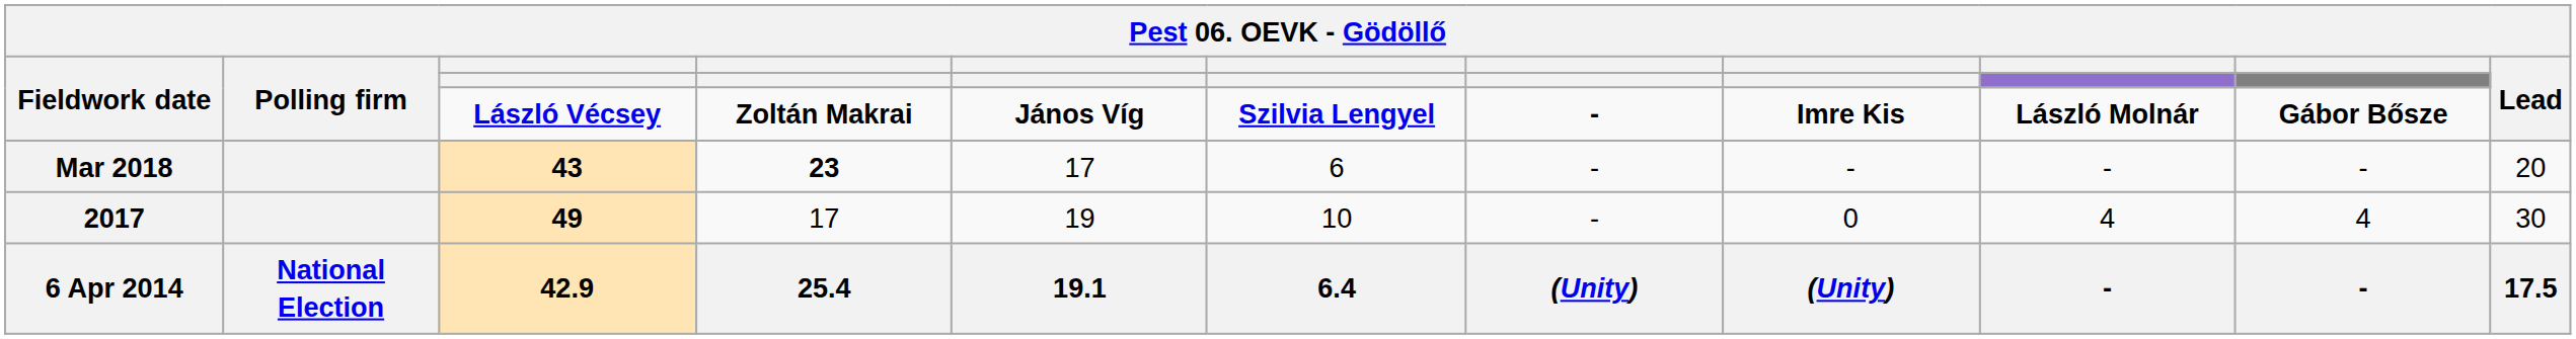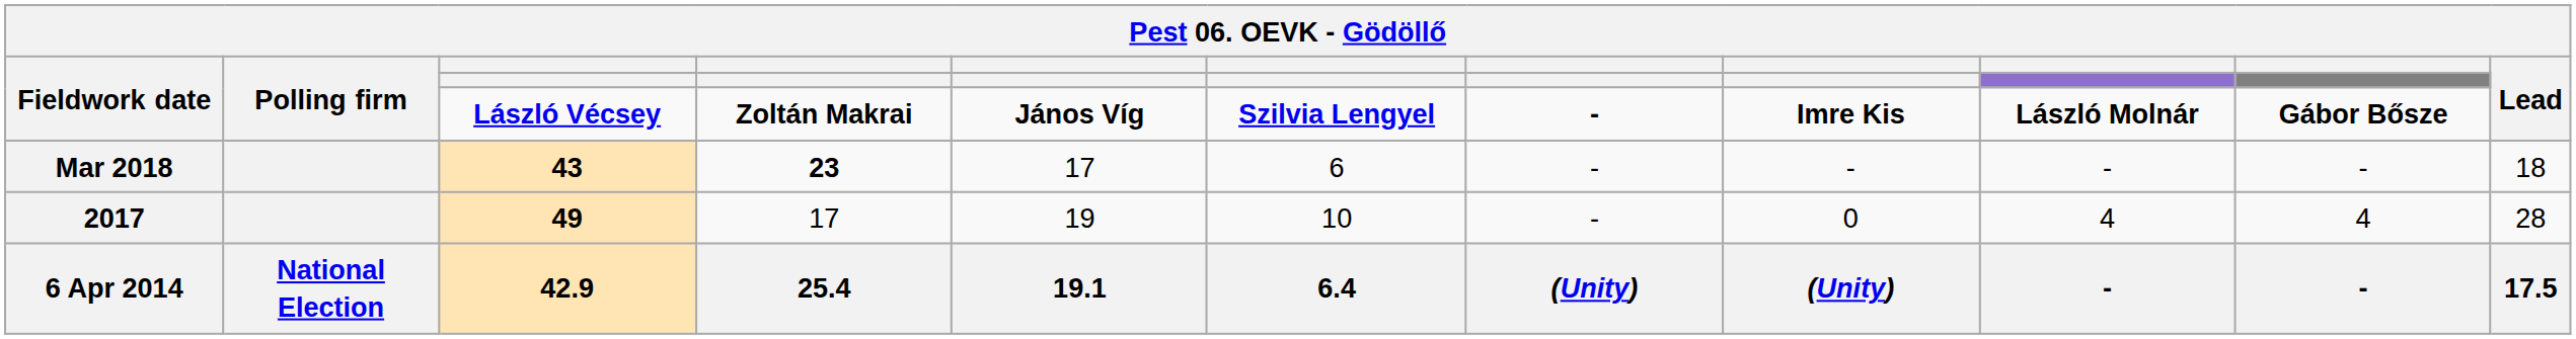 <table class="wikitable mw-collapsible mw-collapsed" style="text-align:center">
 <tr>
 <th colspan="11" style="width: 980pt;"><small><a href='#'>Pest</a> 06. OEVK - <a href='#'>Gödöllő</a></small></th>
 </tr>
 <tr>
 <th rowspan="3" style="width: 80pt;"><small>Fieldwork</small> <small>date</small></th>
 <th rowspan="3" style="width: 80pt;"><strong><small>Polling</small> <small>firm</small></strong></th>
 <th style="width: 100pt;"><small></small></th>
 <th style="width: 100pt;"><small> </small></th>
 <th style="width: 100pt;"></th>
 <th style="width: 100pt;"></th>
 <th style="width: 100pt;"></th>
 <th style="width: 100pt;"></th>
 <th style="width: 100pt;"></th>
 <th style="width: 100pt;"></th>
 <th rowspan="3" style="width: 20pt;"><small>Lead</small></th>
 </tr>
 <tr>
 <th style="color:inherit;background:"></th>
 <th style="color:inherit;background:"></th>
 <th style="color:inherit;background:"></th>
 <th style="color:inherit;background:"></th>
 <th style="color:inherit;background:"></th>
 <th style="color:inherit;background:"></th>
 <th style="color:inherit;background:#8E6FCE;"></th>
 <th style="color:inherit;background:#808080;"></th>
 </tr>
 <tr>
 <td><a href='#'><small><strong>László Vécsey</strong></small></a></td>
 <td><small><strong>Zoltán Makrai</strong></small></td>
 <td><small><strong>János Víg</strong></small></td>
 <td><a href='#'><small><strong>Szilvia Lengyel</strong></small></a></td>
 <td><small><strong>-</strong></small></td>
 <td><small><strong>Imre Kis</strong></small></td>
 <td><small><strong>László Molnár</strong></small></td>
 <td><small><strong>Gábor Bősze</strong></small></td>
 </tr>
 <tr>
 <th><small>Mar 2018</small></th>
 <th><small></small></th>
 <td style="background:#FFE5B4"><small><strong>43</strong></small></td>
 <td><strong><small>23</small></strong></td>
 <td><small>17</small></td>
 <td><small>6</small></td>
 <td><small>-</small></td>
 <td><small>-</small></td>
 <td><small>-</small></td>
 <td><small>-</small></td>
-<td style="background:"><small>20</small></td>
+<td style="background:"><small>18</small></td>
 </tr>
 <tr>
 <th><small>2017</small></th>
 <th><small></small></th>
 <td style="background:#FFE5B4"><small><strong>49</strong></small></td>
 <td><small>17</small></td>
 <td><small>19</small></td>
 <td><small>10</small></td>
 <td><small>-</small></td>
 <td><small>0</small></td>
 <td><small>4</small></td>
 <td><small>4</small></td>
-<td style="background:"><small>30</small></td>
+<td style="background:"><small>28</small></td>
 </tr>
 <tr>
 <th><small>6 Apr 2014</small></th>
 <th><a href='#'><small>National Election</small></a></th>
 <th style="background:#FFE5B4"><small><strong>42.9</strong></small></th>
 <th><small>25.4</small></th>
 <th><small>19.1</small></th>
 <th><small>6.4</small></th>
 <th><small><em>(<a href='#'>Unity</a>)</em></small></th>
 <th><small><em>(<a href='#'>Unity</a>)</em></small></th>
 <th><small>-</small></th>
 <th><small>-</small></th>
 <th style="background:"><small>17.5</small></th>
 </tr>
 </table>
